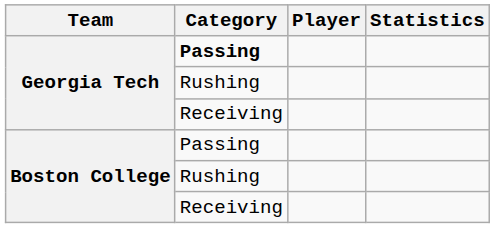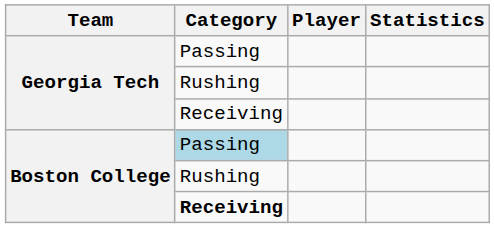 <table class="wikitable" style="float:right">
 <tr>
 <th>Team</th>
 <th>Category</th>
 <th>Player</th>
 <th>Statistics</th>
 </tr>
 <tr>
 <th rowspan=3>Georgia Tech</th>
-<td><strong>Passing</strong></td>
+<td>Passing</td>
 <td></td>
 <td></td>
 </tr>
 <tr>
 <td>Rushing</td>
 <td></td>
 <td></td>
 </tr>
 <tr>
 <td>Receiving</td>
 <td></td>
 <td></td>
 </tr>
 <tr>
 <th rowspan=3>Boston College</th>
-<td>Passing</td>
+<td style="background: lightblue;">Passing</td>
 <td></td>
 <td></td>
 </tr>
 <tr>
 <td>Rushing</td>
 <td></td>
 <td></td>
 </tr>
 <tr>
-<td>Receiving</td>
+<td><strong>Receiving</strong></td>
 <td></td>
 <td></td>
 </tr>
 </table>
